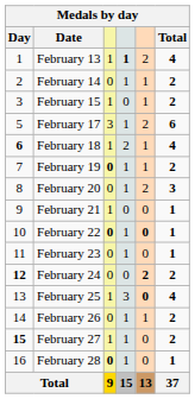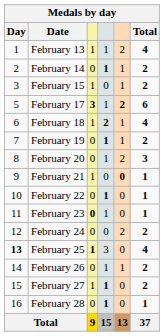 <table class=wikitable style=font-size:85%;float:right;text-align:center>
 <tr>
 <th colspan=6>Medals by day</th>
 </tr>
 <tr>
 <th>Day</th>
 <th>Date</th>
 <td bgcolor=F7F6A8></td>
 <td bgcolor=DCE5E5></td>
 <td bgcolor=FFDAB9></td>
 <th>Total</th>
 </tr>
 <tr>
 <td>1</td>
 <td>February 13</td>
 <td bgcolor=F7F6A8>1</td>
-<td bgcolor=DCE5E5><strong>1</strong></td>
+<td bgcolor=DCE5E5>1</td>
 <td bgcolor=FFDAB9>2</td>
 <td><strong>4</strong></td>
 </tr>
 <tr>
 <td>2</td>
 <td>February 14</td>
 <td bgcolor=F7F6A8>0</td>
-<td bgcolor=DCE5E5>1</td>
+<td bgcolor=DCE5E5><strong>1</strong></td>
 <td bgcolor=FFDAB9>1</td>
 <td><strong>2</strong></td>
 </tr>
 <tr>
 <td>3</td>
 <td>February 15</td>
 <td bgcolor=F7F6A8>1</td>
 <td bgcolor=DCE5E5>0</td>
 <td bgcolor=FFDAB9>1</td>
 <td><strong>2</strong></td>
 </tr>
 <tr>
 <td>5</td>
 <td>February 17</td>
-<td bgcolor=F7F6A8>3</td>
+<td bgcolor=F7F6A8><strong>3</strong></td>
 <td bgcolor=DCE5E5>1</td>
-<td bgcolor=FFDAB9>2</td>
+<td bgcolor=FFDAB9><strong>2</strong></td>
 <td><strong>6</strong></td>
 </tr>
 <tr>
-<td><strong>6</strong></td>
+<td>6</td>
 <td>February 18</td>
 <td bgcolor=F7F6A8>1</td>
-<td bgcolor=DCE5E5>2</td>
+<td bgcolor=DCE5E5><strong>2</strong></td>
 <td bgcolor=FFDAB9>1</td>
 <td><strong>4</strong></td>
 </tr>
 <tr>
 <td>7</td>
 <td>February 19</td>
-<td bgcolor=F7F6A8><strong>0</strong></td>
-<td bgcolor=DCE5E5>1</td>
+<td bgcolor=F7F6A8>0</td>
+<td bgcolor=DCE5E5><strong>1</strong></td>
 <td bgcolor=FFDAB9>1</td>
 <td><strong>2</strong></td>
 </tr>
 <tr>
 <td>8</td>
 <td>February 20</td>
 <td bgcolor=F7F6A8>0</td>
 <td bgcolor=DCE5E5>1</td>
 <td bgcolor=FFDAB9>2</td>
 <td><strong>3</strong></td>
 </tr>
 <tr>
 <td>9</td>
 <td>February 21</td>
 <td bgcolor=F7F6A8>1</td>
 <td bgcolor=DCE5E5>0</td>
-<td bgcolor=FFDAB9>0</td>
+<td bgcolor=FFDAB9><strong>0</strong></td>
 <td><strong>1</strong></td>
 </tr>
 <tr>
 <td>10</td>
 <td>February 22</td>
-<td bgcolor=F7F6A8><strong>0</strong></td>
-<td bgcolor=DCE5E5>1</td>
-<td bgcolor=FFDAB9><strong>0</strong></td>
+<td bgcolor=F7F6A8>0</td>
+<td bgcolor=DCE5E5><strong>1</strong></td>
+<td bgcolor=FFDAB9>0</td>
 <td><strong>1</strong></td>
 </tr>
 <tr>
 <td>11</td>
 <td>February 23</td>
-<td bgcolor=F7F6A8>0</td>
+<td bgcolor=F7F6A8><strong>0</strong></td>
 <td bgcolor=DCE5E5>1</td>
 <td bgcolor=FFDAB9>0</td>
 <td><strong>1</strong></td>
 </tr>
 <tr>
-<td><strong>12</strong></td>
+<td>12</td>
 <td>February 24</td>
 <td bgcolor=F7F6A8>0</td>
 <td bgcolor=DCE5E5>0</td>
-<td bgcolor=FFDAB9><strong>2</strong></td>
+<td bgcolor=FFDAB9>2</td>
 <td><strong>2</strong></td>
 </tr>
 <tr>
-<td>13</td>
+<td><strong>13</strong></td>
 <td>February 25</td>
-<td bgcolor=F7F6A8>1</td>
+<td bgcolor=F7F6A8><strong>1</strong></td>
 <td bgcolor=DCE5E5>3</td>
-<td bgcolor=FFDAB9><strong>0</strong></td>
+<td bgcolor=FFDAB9>0</td>
 <td><strong>4</strong></td>
 </tr>
 <tr>
 <td>14</td>
 <td>February 26</td>
 <td bgcolor=F7F6A8>0</td>
 <td bgcolor=DCE5E5>1</td>
 <td bgcolor=FFDAB9>1</td>
 <td><strong>2</strong></td>
 </tr>
 <tr>
-<td><strong>15</strong></td>
+<td>15</td>
 <td>February 27</td>
 <td bgcolor=F7F6A8>1</td>
-<td bgcolor=DCE5E5>1</td>
+<td bgcolor=DCE5E5><strong>1</strong></td>
 <td bgcolor=FFDAB9>0</td>
 <td><strong>2</strong></td>
 </tr>
 <tr>
 <td>16</td>
 <td>February 28</td>
-<td bgcolor=F7F6A8><strong>0</strong></td>
-<td bgcolor=DCE5E5>1</td>
+<td bgcolor=F7F6A8>0</td>
+<td bgcolor=DCE5E5><strong>1</strong></td>
 <td bgcolor=FFDAB9>0</td>
 <td><strong>1</strong></td>
 </tr>
 <tr>
 <th colspan=2>Total</th>
 <th style=background:gold>9</th>
 <th style=background:silver>15</th>
 <th style=background:#c96>13</th>
 <th>37</th>
 </tr>
 </table>
